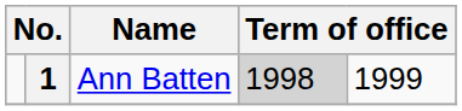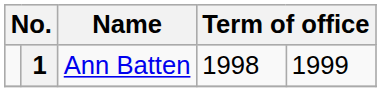 <table class="wikitable">
 <tr>
 <th colspan="2">No.</th>
 <th>Name</th>
 <th colspan="2">Term of office</th>
 </tr>
 <tr>
 <td bgcolor=></td>
 <th>1</th>
 <td><a href='#'>Ann Batten</a></td>
-<td style="background: lightgrey;">1998</td>
+<td>1998</td>
 <td>1999</td>
 </tr>
 <tr>
 </tr>
 </table>
